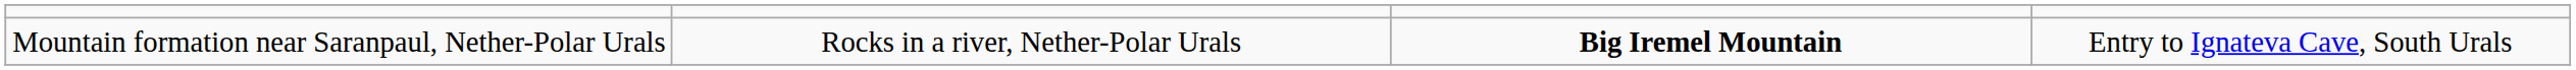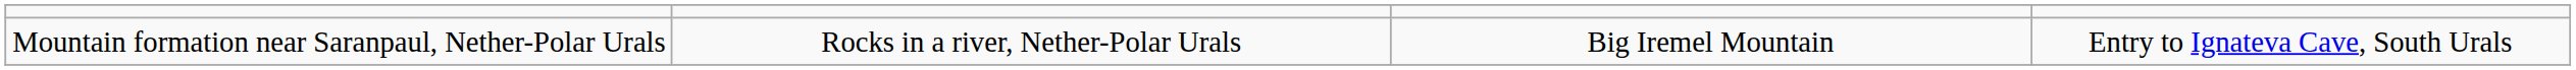 <table class="wikitable" style="text-align:center;margin:1em auto;">
 <tr>
 <td width="26%"></td>
 <td width="28%"></td>
 <td width="25%"></td>
 <td width="25%"></td>
 </tr>
 <tr>
 <td>Mountain formation near Saranpaul, Nether-Polar Urals</td>
 <td>Rocks in a river, Nether-Polar Urals</td>
-<td><strong>Big Iremel Mountain</strong></td>
+<td>Big Iremel Mountain</td>
 <td>Entry to <a href='#'>Ignateva Cave</a>, South Urals</td>
 </tr>
 </table>
